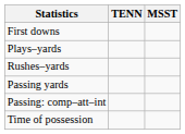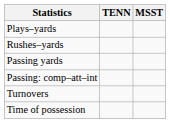 <table class="wikitable" style="float:left">
 <tr>
 <th>Statistics</th>
 <th>TENN</th>
 <th>MSST</th>
-</tr>
-<tr>
-<td>First downs</td>
-<td></td>
-<td></td>
 </tr>
 <tr>
 <td>Plays–yards</td>
 <td></td>
 <td></td>
 </tr>
 <tr>
 <td>Rushes–yards</td>
 <td></td>
 <td></td>
 </tr>
 <tr>
 <td>Passing yards</td>
 <td></td>
 <td></td>
 </tr>
 <tr>
 <td>Passing: comp–att–int</td>
 <td></td>
 <td></td>
 </tr>
 <tr>
+<td>Turnovers</td>
+<td></td>
+<td></td>
+</tr>
+<tr>
 <td>Time of possession</td>
 <td></td>
 <td></td>
 </tr>
 </table>
